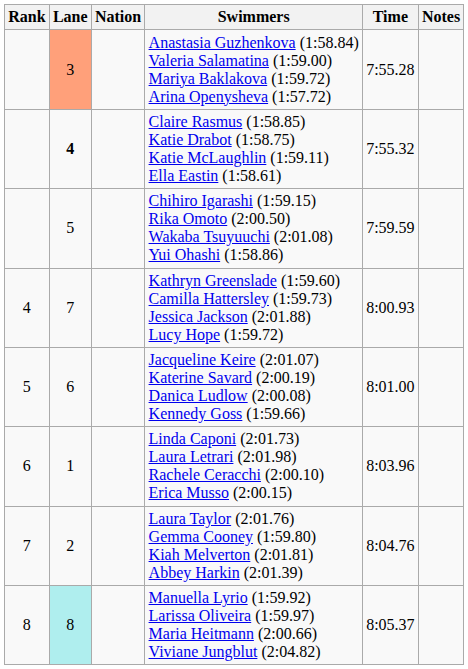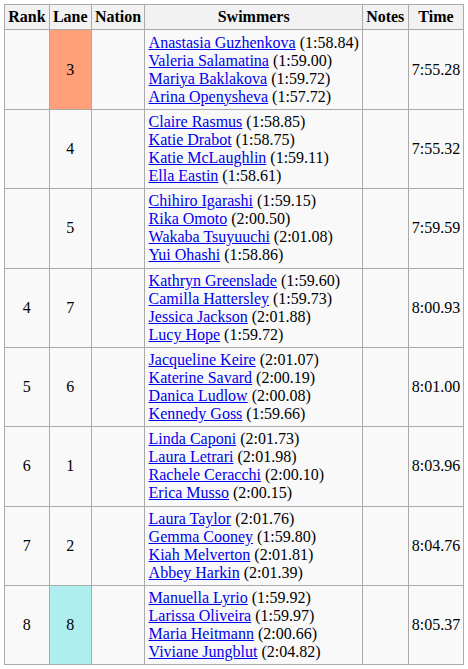 <table class="wikitable sortable" style="text-align:center">
 <tr>
 <th>Rank</th>
 <th>Lane</th>
 <th>Nation</th>
 <th>Swimmers</th>
+<th>Notes</th>
 <th>Time</th>
-<th>Notes</th>
 </tr>
 <tr>
 <td></td>
 <td style="background: lightsalmon;">3</td>
 <td align="left"></td>
 <td align="left"><a href='#'>Anastasia Guzhenkova</a> (1:58.84)<br><a href='#'>Valeria Salamatina</a> (1:59.00)<br><a href='#'>Mariya Baklakova</a> (1:59.72)<br><a href='#'>Arina Openysheva</a> (1:57.72)</td>
+<td></td>
 <td>7:55.28</td>
-<td></td>
 </tr>
 <tr>
 <td></td>
-<td><strong>4</strong></td>
+<td>4</td>
 <td align="left"></td>
 <td align="left"><a href='#'>Claire Rasmus</a> (1:58.85)<br><a href='#'>Katie Drabot</a> (1:58.75)<br><a href='#'>Katie McLaughlin</a> (1:59.11)<br><a href='#'>Ella Eastin</a> (1:58.61)</td>
+<td></td>
 <td>7:55.32</td>
-<td></td>
 </tr>
 <tr>
 <td></td>
 <td>5</td>
 <td align="left"></td>
 <td align="left"><a href='#'>Chihiro Igarashi</a> (1:59.15)<br><a href='#'>Rika Omoto</a> (2:00.50)<br><a href='#'>Wakaba Tsuyuuchi</a> (2:01.08)<br><a href='#'>Yui Ohashi</a> (1:58.86)</td>
+<td></td>
 <td>7:59.59</td>
-<td></td>
 </tr>
 <tr>
 <td>4</td>
 <td>7</td>
 <td align="left"></td>
 <td align=left><a href='#'>Kathryn Greenslade</a> (1:59.60)<br><a href='#'>Camilla Hattersley</a> (1:59.73)<br><a href='#'>Jessica Jackson</a> (2:01.88)<br><a href='#'>Lucy Hope</a> (1:59.72)</td>
+<td></td>
 <td>8:00.93</td>
-<td></td>
 </tr>
 <tr>
 <td>5</td>
 <td>6</td>
 <td align="left"></td>
 <td align="left"><a href='#'>Jacqueline Keire</a> (2:01.07)<br><a href='#'>Katerine Savard</a> (2:00.19)<br><a href='#'>Danica Ludlow</a> (2:00.08)<br><a href='#'>Kennedy Goss</a> (1:59.66)</td>
+<td></td>
 <td>8:01.00</td>
-<td></td>
 </tr>
 <tr>
 <td>6</td>
 <td>1</td>
 <td align="left"></td>
 <td align="left"><a href='#'>Linda Caponi</a> (2:01.73)<br><a href='#'>Laura Letrari</a> (2:01.98)<br><a href='#'>Rachele Ceracchi</a> (2:00.10)<br><a href='#'>Erica Musso</a> (2:00.15)</td>
+<td></td>
 <td>8:03.96</td>
-<td></td>
 </tr>
 <tr>
 <td>7</td>
 <td>2</td>
 <td align="left"></td>
 <td align="left"><a href='#'>Laura Taylor</a> (2:01.76)<br><a href='#'>Gemma Cooney</a> (1:59.80)<br><a href='#'>Kiah Melverton</a> (2:01.81)<br><a href='#'>Abbey Harkin</a> (2:01.39)</td>
+<td></td>
 <td>8:04.76</td>
-<td></td>
 </tr>
 <tr>
 <td>8</td>
 <td style="background: paleturquoise;">8</td>
 <td align="left"></td>
 <td align="left"><a href='#'>Manuella Lyrio</a> (1:59.92)<br><a href='#'>Larissa Oliveira</a> (1:59.97)<br><a href='#'>Maria Heitmann</a> (2:00.66)<br><a href='#'>Viviane Jungblut</a> (2:04.82)</td>
+<td></td>
 <td>8:05.37</td>
-<td></td>
 </tr>
 </table>
